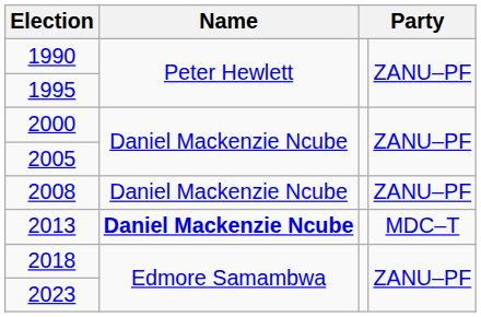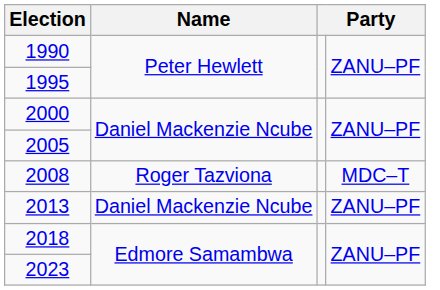 <table class="wikitable" style="text-align:center">
 <tr>
 <th>Election</th>
 <th>Name</th>
 <th colspan="2">Party</th>
 </tr>
 <tr>
 <td><a href='#'>1990</a></td>
 <td rowspan="2"><a href='#'>Peter Hewlett</a></td>
 <td rowspan="2" style="background-color: "></td>
 <td rowspan="2"><a href='#'>ZANU–PF</a></td>
 </tr>
 <tr>
 <td><a href='#'>1995</a></td>
 </tr>
 <tr>
 <td><a href='#'>2000</a></td>
 <td rowspan="2"><a href='#'>Daniel Mackenzie Ncube</a></td>
 <td rowspan="2" style="background-color: "></td>
 <td rowspan="2"><a href='#'>ZANU–PF</a></td>
 </tr>
 <tr>
 <td><a href='#'>2005</a></td>
 </tr>
 <tr>
 <td><a href='#'>2008</a></td>
+<td><a href='#'>Roger Tazviona</a></td>
+<td style="background-color: "></td>
+<td><a href='#'>MDC–T</a></td>
+</tr>
+<tr>
+<td><a href='#'>2013</a></td>
 <td><a href='#'>Daniel Mackenzie Ncube</a></td>
 <td style="background-color: "></td>
 <td><a href='#'>ZANU–PF</a></td>
-</tr>
-<tr>
-<td><a href='#'>2013</a></td>
-<td><strong><a href='#'>Daniel Mackenzie Ncube</a></strong></td>
-<td style="background-color: "></td>
-<td><a href='#'>MDC–T</a></td>
 </tr>
 <tr>
 <td><a href='#'>2018</a></td>
 <td rowspan="2"><a href='#'>Edmore Samambwa</a></td>
 <td rowspan="2" style="background-color: "></td>
 <td rowspan="2"><a href='#'>ZANU–PF</a></td>
 </tr>
 <tr>
 <td><a href='#'>2023</a></td>
 </tr>
 </table>
